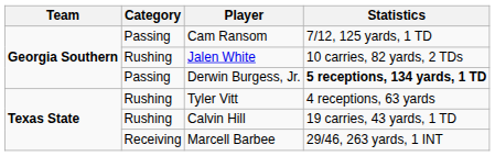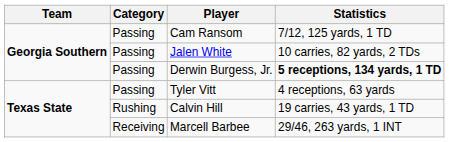 <table class="wikitable" style="float: left;">
 <tr>
 <th>Team</th>
 <th>Category</th>
 <th>Player</th>
 <th>Statistics</th>
 </tr>
 <tr>
 <td rowspan=3><strong>Georgia Southern</strong></td>
 <td>Passing</td>
 <td>Cam Ransom</td>
 <td>7/12, 125 yards, 1 TD</td>
 </tr>
 <tr>
-<td>Rushing</td>
+<td>Passing</td>
 <td><a href='#'>Jalen White</a></td>
 <td>10 carries, 82 yards, 2 TDs</td>
 </tr>
 <tr>
 <td>Passing</td>
 <td>Derwin Burgess, Jr.</td>
 <td><strong>5 receptions, 134 yards, 1 TD</strong></td>
 </tr>
 <tr>
 <td rowspan=3><strong>Texas State</strong></td>
-<td>Rushing</td>
+<td>Passing</td>
 <td>Tyler Vitt</td>
 <td>4 receptions, 63 yards</td>
 </tr>
 <tr>
 <td>Rushing</td>
 <td>Calvin Hill</td>
 <td>19 carries, 43 yards, 1 TD</td>
 </tr>
 <tr>
 <td>Receiving</td>
 <td>Marcell Barbee</td>
 <td>29/46, 263 yards, 1 INT</td>
 </tr>
 </table>
